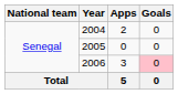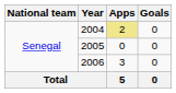 <table class="wikitable" style="text-align:center">
 <tr>
 <th>National team</th>
 <th>Year</th>
 <th>Apps</th>
 <th>Goals</th>
 </tr>
 <tr>
 <td rowspan="3"><a href='#'>Senegal</a></td>
 <td>2004</td>
-<td>2</td>
+<td style="background: khaki;">2</td>
 <td>0</td>
 </tr>
 <tr>
 <td>2005</td>
 <td>0</td>
 <td>0</td>
 </tr>
 <tr>
 <td>2006</td>
 <td>3</td>
-<td style="background: pink;">0</td>
+<td>0</td>
 </tr>
 <tr>
 <th colspan="2">Total</th>
 <th>5</th>
 <th>0</th>
 </tr>
 </table>
